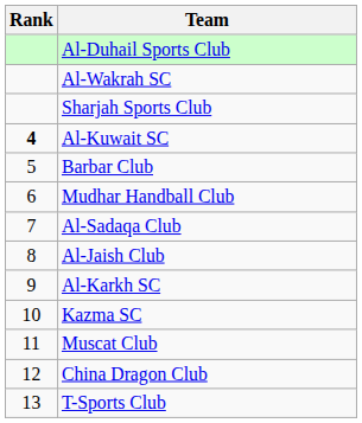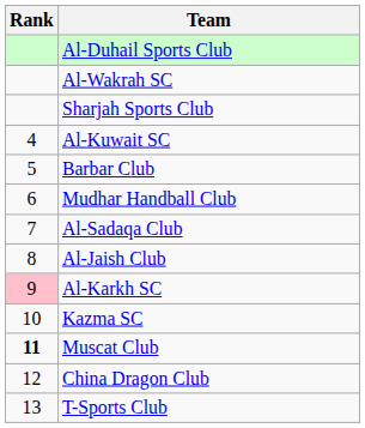 <table class=wikitable style="text-align:center;">
 <tr>
 <th>Rank</th>
 <th width=250>Team</th>
 </tr>
 <tr bgcolor=ccffcc>
 <td></td>
 <td align=left> <a href='#'>Al-Duhail Sports Club</a></td>
 </tr>
 <tr>
 <td></td>
 <td align=left> <a href='#'>Al-Wakrah SC</a></td>
 </tr>
 <tr>
 <td></td>
 <td align=left> <a href='#'>Sharjah Sports Club</a></td>
 </tr>
 <tr>
-<td><strong>4</strong></td>
+<td>4</td>
 <td align=left> <a href='#'>Al-Kuwait SC</a></td>
 </tr>
 <tr>
 <td>5</td>
 <td align=left> <a href='#'>Barbar Club</a></td>
 </tr>
 <tr>
 <td>6</td>
 <td align=left> <a href='#'>Mudhar Handball Club</a></td>
 </tr>
 <tr>
 <td>7</td>
 <td align=left> <a href='#'>Al-Sadaqa Club</a></td>
 </tr>
 <tr>
 <td>8</td>
 <td align=left> <a href='#'>Al-Jaish Club</a></td>
 </tr>
 <tr>
-<td>9</td>
+<td style="background: pink;">9</td>
 <td align=left> <a href='#'>Al-Karkh SC</a></td>
 </tr>
 <tr>
 <td>10</td>
 <td align=left> <a href='#'>Kazma SC</a></td>
 </tr>
 <tr>
-<td>11</td>
+<td><strong>11</strong></td>
 <td align=left> <a href='#'>Muscat Club</a></td>
 </tr>
 <tr>
 <td>12</td>
 <td align=left> <a href='#'>China Dragon Club</a></td>
 </tr>
 <tr>
 <td>13</td>
 <td align=left> <a href='#'>T-Sports Club</a></td>
 </tr>
 </table>
